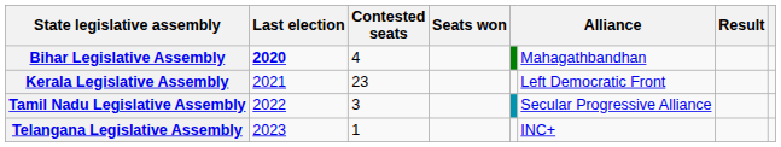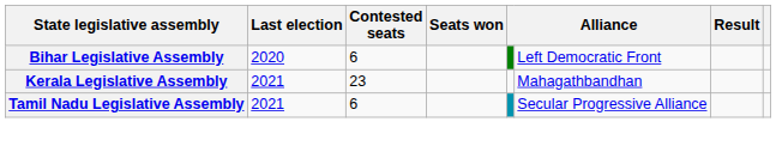 <table class="wikitable">
 <tr>
 <th>State legislative assembly</th>
 <th>Last election</th>
 <th>Contested<br>seats</th>
 <th>Seats won</th>
 <th colspan="2">Alliance</th>
 <th>Result</th>
 <th></th>
 </tr>
 <tr>
 <th><a href='#'>Bihar Legislative Assembly</a></th>
-<td><strong><a href='#'>2020</a></strong></td>
-<td>4</td>
+<td><a href='#'>2020</a></td>
+<td>6</td>
 <td></td>
 <td style="background:green;"></td>
-<td><a href='#'>Mahagathbandhan</a></td>
+<td><a href='#'>Left Democratic Front</a></td>
 <td></td>
 <td></td>
 </tr>
 <tr>
 <th><a href='#'>Kerala Legislative Assembly</a></th>
 <td><a href='#'>2021</a></td>
 <td>23</td>
 <td></td>
 <td style="background-color: "></td>
-<td><a href='#'>Left Democratic Front</a></td>
+<td><a href='#'>Mahagathbandhan</a></td>
 <td></td>
 <td></td>
 </tr>
 <tr>
 <th><a href='#'>Tamil Nadu Legislative Assembly</a></th>
-<td><a href='#'>2022</a></td>
-<td>3</td>
+<td><a href='#'>2021</a></td>
+<td>6</td>
 <td></td>
 <td style="background:#0093af;"></td>
 <td><a href='#'>Secular Progressive Alliance</a></td>
 <td></td>
 <td></td>
 </tr>
-<tr>
-<th><a href='#'>Telangana Legislative Assembly</a></th>
-<td><a href='#'>2023</a></td>
-<td>1</td>
-<td></td>
-<td style="background-color: "></td>
-<td><a href='#'>INC+</a></td>
-<td></td>
-<td></td>
-</tr>
 </table>
